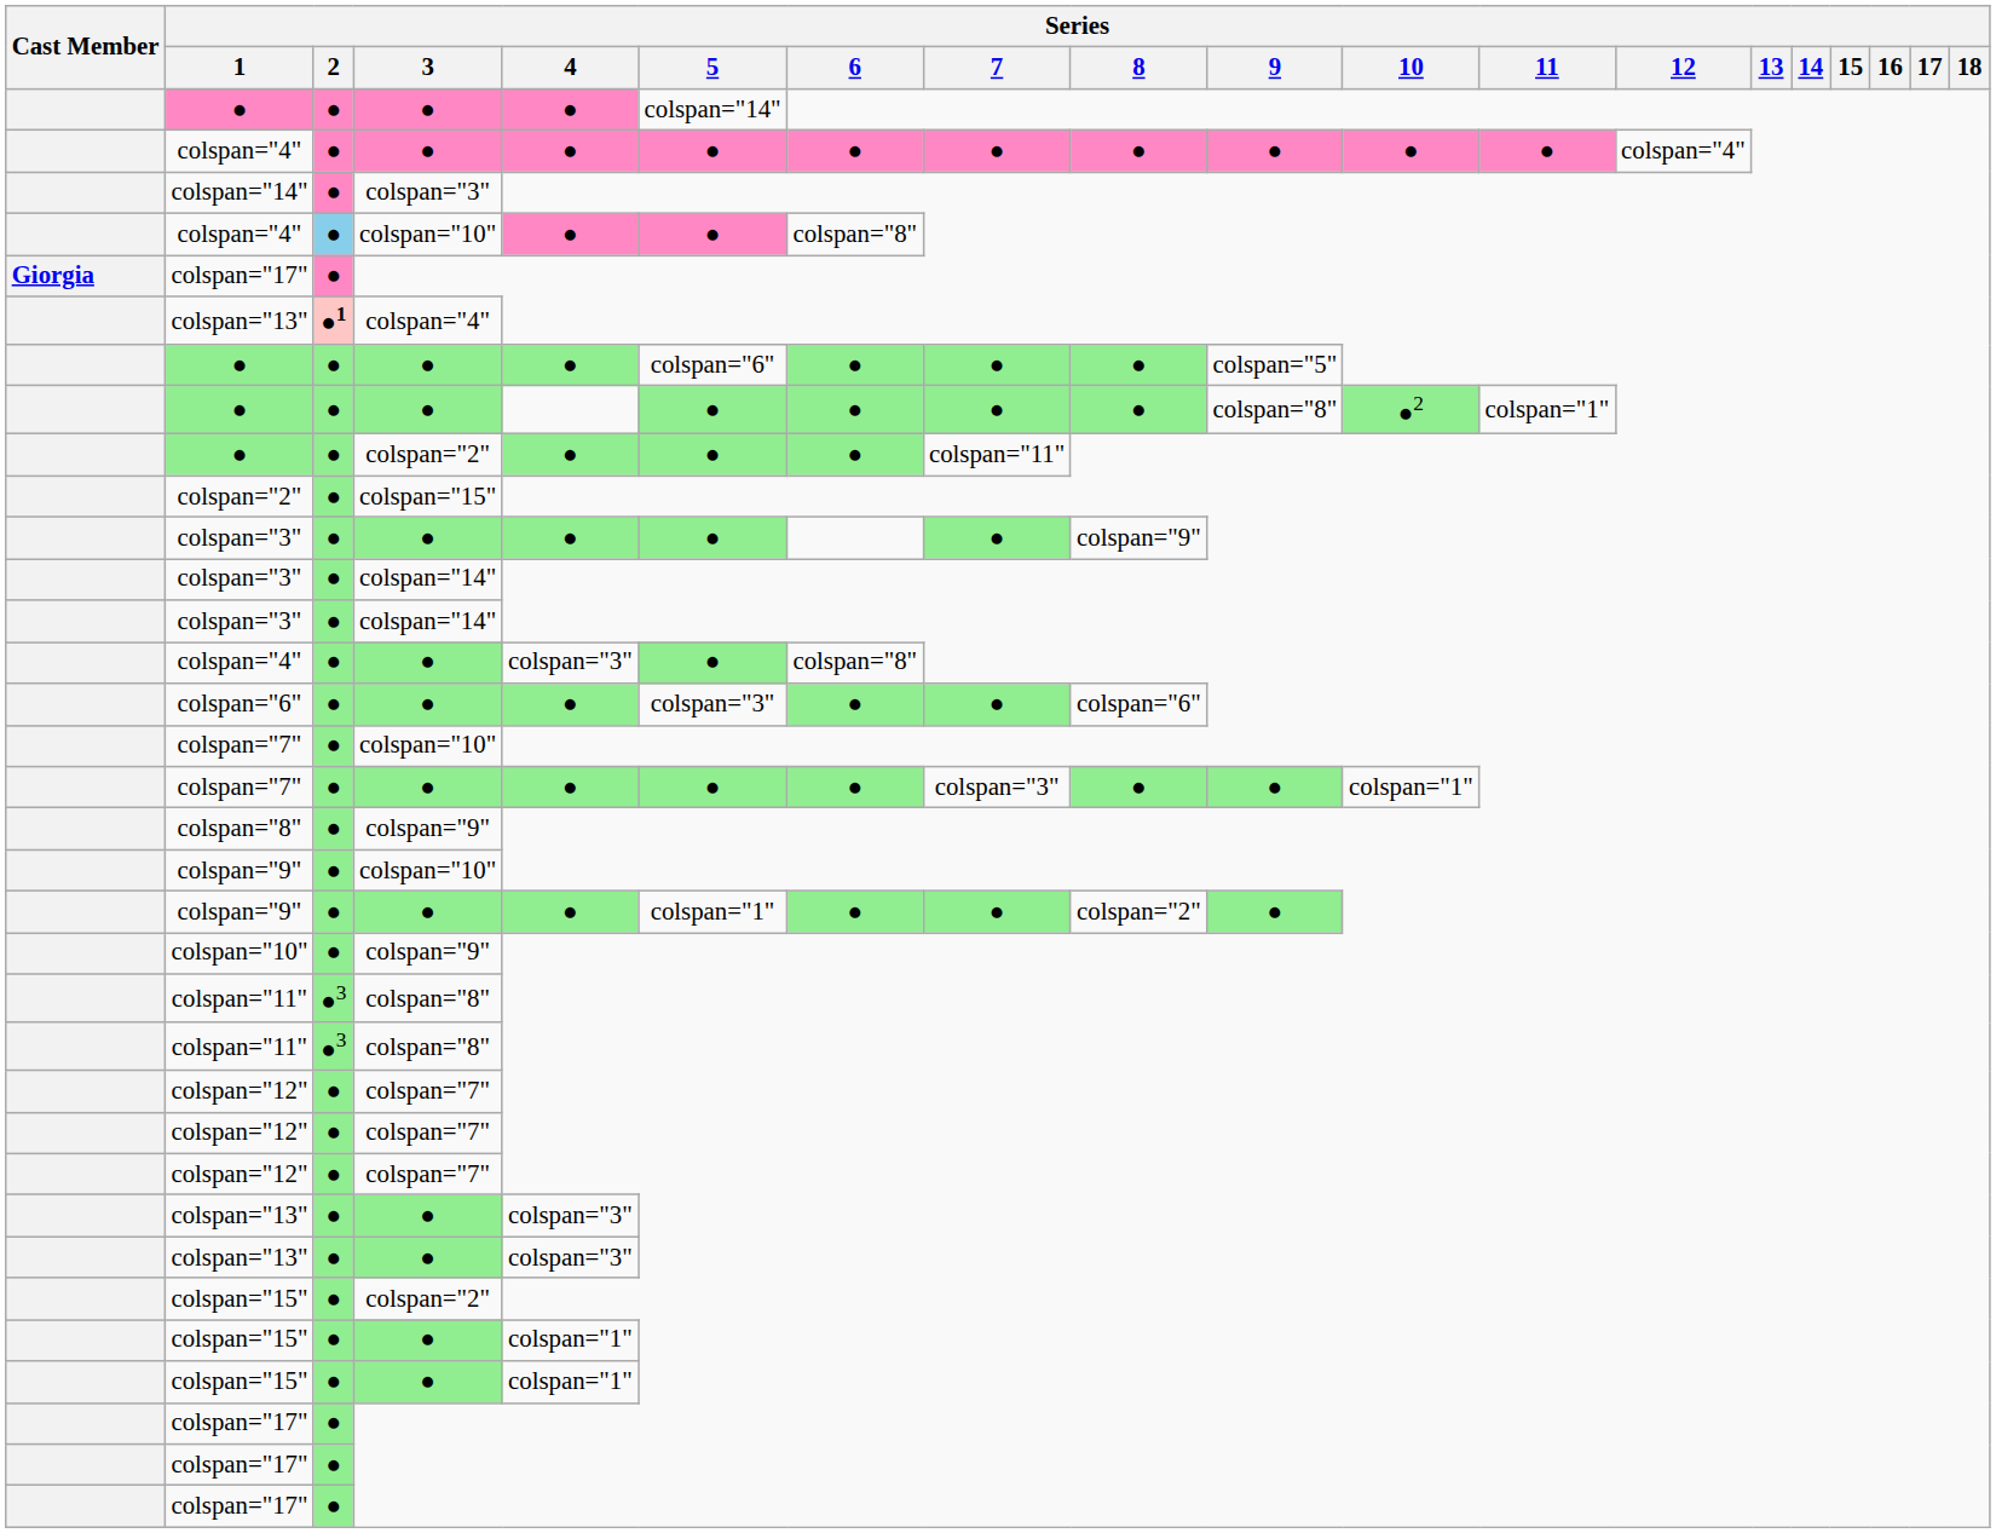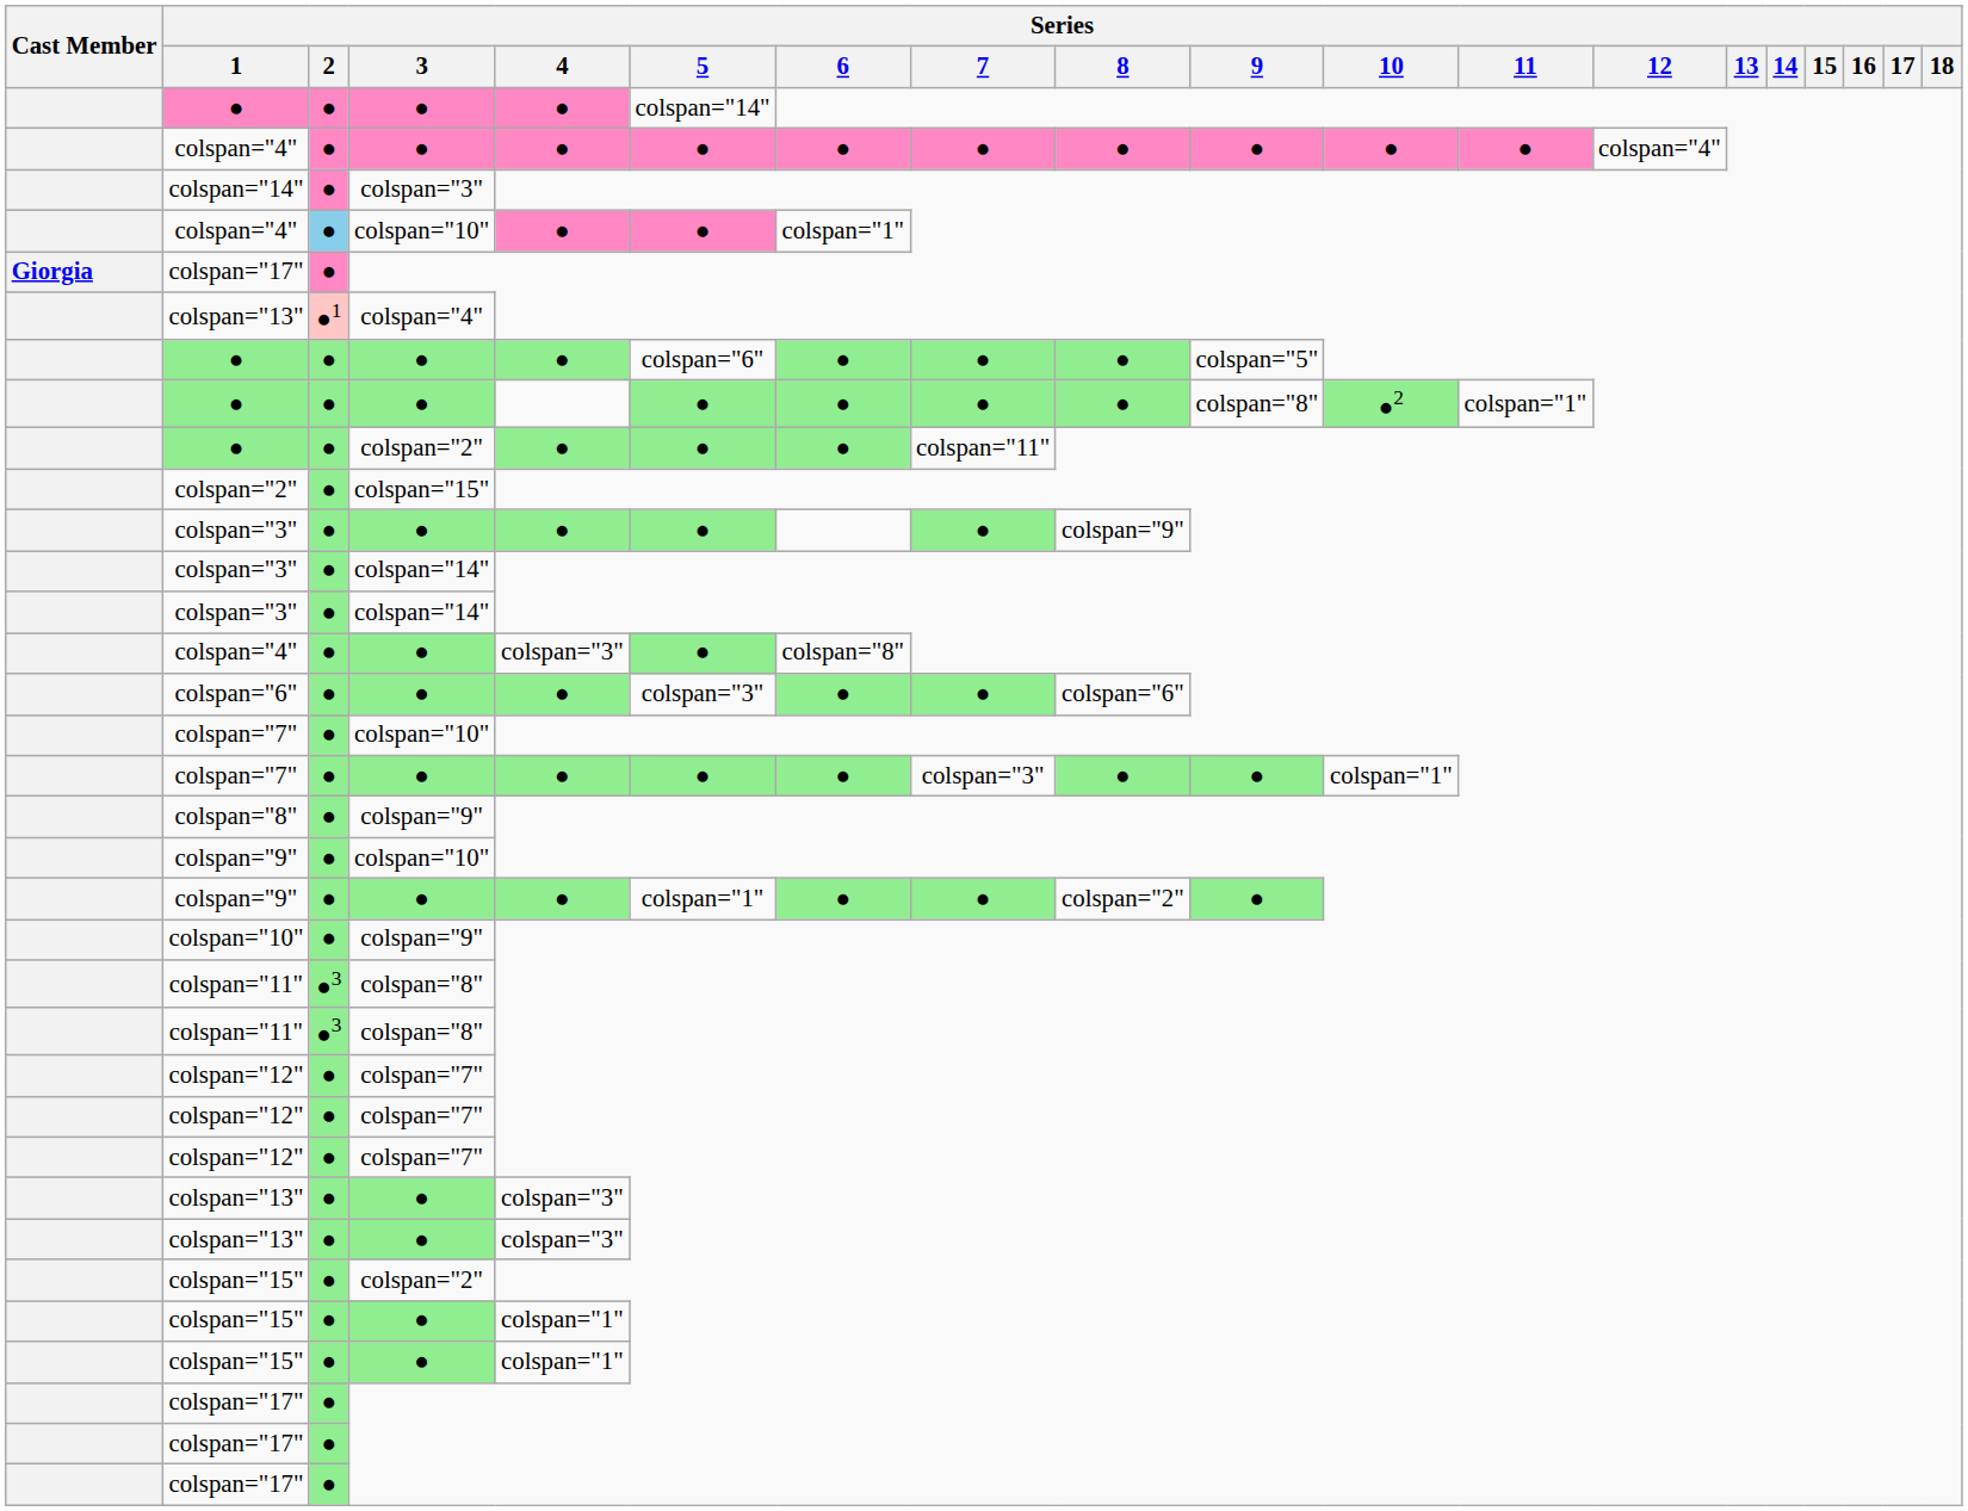 <table class="wikitable plainrowheaders collapsible mw-collapsible nowrap" style="text-align:center; font-size:85%">
 <tr>
 <th rowspan="2" scope="col">Cast Member</th>
 <th colspan="23" style="text-align:center" scope="col">Series</th>
 </tr>
 <tr>
 <th width="15">1</th>
 <th width="15">2</th>
 <th width="15">3</th>
 <th width="15">4</th>
 <th width="15"><a href='#'>5</a></th>
 <th width="15"><a href='#'>6</a></th>
 <th width="15"><a href='#'>7</a></th>
 <th width="15"><a href='#'>8</a></th>
 <th width="15"><a href='#'>9</a></th>
 <th width="15"><a href='#'>10</a></th>
 <th width="15"><a href='#'>11</a></th>
 <th width="15"><a href='#'>12</a></th>
 <th width="15"><a href='#'>13</a></th>
 <th width="15"><a href='#'>14</a></th>
 <th width="15">15</th>
 <th width="15">16</th>
 <th width="15">17</th>
 <th width="15">18</th>
 </tr>
 <tr>
 <th scope="row" style="text-align:left"></th>
 <td bgcolor=#FF87C3>●</td>
 <td bgcolor=#FF87C3>●</td>
 <td bgcolor=#FF87C3>●</td>
 <td bgcolor=#FF87C3>●</td>
 <td>colspan="14" </td>
 </tr>
 <tr>
 <th scope="row" style="text-align:left"></th>
 <td>colspan="4" </td>
 <td bgcolor=#FF87C3>●</td>
 <td bgcolor=#FF87C3>●</td>
 <td bgcolor=#FF87C3>●</td>
 <td bgcolor=#FF87C3>●</td>
 <td bgcolor=#FF87C3>●</td>
 <td bgcolor=#FF87C3>●</td>
 <td bgcolor=#FF87C3>●</td>
 <td bgcolor=#FF87C3>●</td>
 <td bgcolor=#FF87C3>●</td>
 <td bgcolor=#FF87C3>●</td>
 <td>colspan="4" </td>
 </tr>
 <tr>
 <th scope="row" style="text-align:left"></th>
 <td>colspan="14" </td>
 <td bgcolor=#FF87C3>●</td>
 <td>colspan="3" </td>
 </tr>
 <tr>
 <th scope="row" style="text-align:left"></th>
 <td>colspan="4" </td>
 <td bgcolor="#87CEEB">●</td>
 <td>colspan="10" </td>
 <td bgcolor=#FF87C3>●</td>
 <td bgcolor=#FF87C3>●</td>
-<td>colspan="8" </td>
+<td>colspan="1" </td>
 </tr>
 <tr>
 <th scope="row" style="text-align:left"><a href='#'>Giorgia</a></th>
 <td>colspan="17" </td>
 <td bgcolor=#FF87C3>●</td>
 </tr>
 <tr>
 <th scope="row" style="text-align:left"></th>
 <td>colspan="13" </td>
-<td bgcolor=#FFC6C6><strong>●<sup>1</sup></strong></td>
+<td bgcolor=#FFC6C6>●<sup>1</sup></td>
 <td>colspan="4" </td>
 </tr>
 <tr>
 <th scope="row" style="text-align:left"></th>
 <td bgcolor=#90EE90>●</td>
 <td bgcolor=#90EE90>●</td>
 <td bgcolor=#90EE90>●</td>
 <td bgcolor=#90EE90>●</td>
 <td>colspan="6" </td>
 <td bgcolor=#90EE90>●</td>
 <td bgcolor=#90EE90>●</td>
 <td bgcolor=#90EE90>●</td>
 <td>colspan="5" </td>
 </tr>
 <tr>
 <th scope="row" style="text-align:left"></th>
 <td bgcolor=#90EE90>●</td>
 <td bgcolor=#90EE90>●</td>
 <td bgcolor=#90EE90>●</td>
 <td></td>
 <td bgcolor=#90EE90>●</td>
 <td bgcolor=#90EE90>●</td>
 <td bgcolor=#90EE90>●</td>
 <td bgcolor=#90EE90>●</td>
 <td>colspan="8" </td>
 <td bgcolor=#90EE90>●<sup>2</sup></td>
 <td>colspan="1" </td>
 </tr>
 <tr>
 <th scope="row" style="text-align:left"></th>
 <td bgcolor=#90EE90>●</td>
 <td bgcolor=#90EE90>●</td>
 <td>colspan="2" </td>
 <td bgcolor=#90EE90>●</td>
 <td bgcolor=#90EE90>●</td>
 <td bgcolor=#90EE90>●</td>
 <td>colspan="11" </td>
 </tr>
 <tr>
 <th scope="row" style="text-align:left"></th>
 <td>colspan="2" </td>
 <td bgcolor=#90EE90>●</td>
 <td>colspan="15" </td>
 </tr>
 <tr>
 <th scope="row" style="text-align:left"></th>
 <td>colspan="3" </td>
 <td bgcolor=#90EE90>●</td>
 <td bgcolor=#90EE90>●</td>
 <td bgcolor=#90EE90>●</td>
 <td bgcolor=#90EE90>●</td>
 <td></td>
 <td bgcolor=#90EE90>●</td>
 <td>colspan="9" </td>
 </tr>
 <tr>
 <th scope="row" style="text-align:left"></th>
 <td>colspan="3" </td>
 <td bgcolor=#90EE90>●</td>
 <td>colspan="14" </td>
 </tr>
 <tr>
 <th scope="row" style="text-align:left"></th>
 <td>colspan="3" </td>
 <td bgcolor=#90EE90>●</td>
 <td>colspan="14" </td>
 </tr>
 <tr>
 <th scope="row" style="text-align:left"></th>
 <td>colspan="4" </td>
 <td bgcolor=#90EE90>●</td>
 <td bgcolor=#90EE90>●</td>
 <td>colspan="3" </td>
 <td bgcolor=#90EE90>●</td>
 <td>colspan="8" </td>
 </tr>
 <tr>
 <th scope="row" style="text-align:left"></th>
 <td>colspan="6" </td>
 <td bgcolor=#90EE90>●</td>
 <td bgcolor=#90EE90>●</td>
 <td bgcolor=#90EE90>●</td>
 <td>colspan="3" </td>
 <td bgcolor=#90EE90>●</td>
 <td bgcolor=#90EE90>●</td>
 <td>colspan="6" </td>
 </tr>
 <tr>
 <th scope="row" style="text-align:left"></th>
 <td>colspan="7" </td>
 <td bgcolor=#90EE90>●</td>
 <td>colspan="10" </td>
 </tr>
 <tr>
 <th scope="row" style="text-align:left"></th>
 <td>colspan="7" </td>
 <td bgcolor=#90EE90>●</td>
 <td bgcolor=#90EE90>●</td>
 <td bgcolor=#90EE90>●</td>
 <td bgcolor=#90EE90>●</td>
 <td bgcolor=#90EE90>●</td>
 <td>colspan="3" </td>
 <td bgcolor=#90EE90>●</td>
 <td bgcolor=#90EE90>●</td>
 <td>colspan="1" </td>
 </tr>
 <tr>
 <th scope="row" style="text-align:left"></th>
 <td>colspan="8" </td>
 <td bgcolor=#90EE90>●</td>
 <td>colspan="9" </td>
 </tr>
 <tr>
 <th scope="row" style="text-align:left"></th>
 <td>colspan="9" </td>
 <td bgcolor=#90EE90>●</td>
 <td>colspan="10" </td>
 </tr>
 <tr>
 <th scope="row" style="text-align:left"></th>
 <td>colspan="9" </td>
 <td bgcolor=#90EE90>●</td>
 <td bgcolor=#90EE90>●</td>
 <td bgcolor=#90EE90>●</td>
 <td>colspan="1" </td>
 <td bgcolor=#90EE90>●</td>
 <td bgcolor=#90EE90>●</td>
 <td>colspan="2" </td>
 <td bgcolor=#90EE90>●</td>
 </tr>
 <tr>
 <th scope="row" style="text-align:left"></th>
 <td>colspan="10" </td>
 <td bgcolor=#90EE90>●</td>
 <td>colspan="9" </td>
 </tr>
 <tr>
 <th scope="row" style="text-align:left"></th>
 <td>colspan="11" </td>
 <td bgcolor=#90EE90>●<sup>3</sup></td>
 <td>colspan="8" </td>
 </tr>
 <tr>
 <th scope="row" style="text-align:left"></th>
 <td>colspan="11" </td>
 <td bgcolor=#90EE90>●<sup>3</sup></td>
 <td>colspan="8" </td>
 </tr>
 <tr>
 <th scope="row" style="text-align:left"></th>
 <td>colspan="12" </td>
 <td bgcolor=#90EE90>●</td>
 <td>colspan="7" </td>
 </tr>
 <tr>
 <th scope="row" style="text-align:left"></th>
 <td>colspan="12" </td>
 <td bgcolor=#90EE90>●</td>
 <td>colspan="7" </td>
 </tr>
 <tr>
 <th scope="row" style="text-align:left"></th>
 <td>colspan="12" </td>
 <td bgcolor=#90EE90>●</td>
 <td>colspan="7" </td>
 </tr>
 <tr>
 <th scope="row" style="text-align:left"></th>
 <td>colspan="13" </td>
 <td bgcolor=#90EE90>●</td>
 <td bgcolor=#90EE90>●</td>
 <td>colspan="3" </td>
 </tr>
 <tr>
 <th scope="row" style="text-align:left"></th>
 <td>colspan="13" </td>
 <td bgcolor=#90EE90>●</td>
 <td bgcolor=#90EE90>●</td>
 <td>colspan="3" </td>
 </tr>
 <tr>
 <th scope="row" style="text-align:left"></th>
 <td>colspan="15" </td>
 <td bgcolor=#90EE90>●</td>
 <td>colspan="2" </td>
 </tr>
 <tr>
 <th scope="row" style="text-align:left"></th>
 <td>colspan="15" </td>
 <td bgcolor=#90EE90>●</td>
 <td bgcolor=#90EE90>●</td>
 <td>colspan="1" </td>
 </tr>
 <tr>
 <th scope="row" style="text-align:left"></th>
 <td>colspan="15" </td>
 <td bgcolor=#90EE90>●</td>
 <td bgcolor=#90EE90>●</td>
 <td>colspan="1" </td>
 </tr>
 <tr>
 <th scope="row" style="text-align:left"></th>
 <td>colspan="17" </td>
 <td bgcolor=#90EE90>●</td>
 </tr>
 <tr>
 <th scope="row" style="text-align:left"></th>
 <td>colspan="17" </td>
 <td bgcolor=#90EE90>●</td>
 </tr>
 <tr>
 <th scope="row" style="text-align:left"></th>
 <td>colspan="17" </td>
 <td bgcolor=#90EE90>●</td>
 </tr>
 <tr>
 </tr>
 </table>
